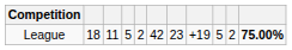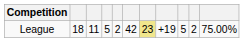 <table class="wikitable">
 <tr>
 <th>Competition</th>
 <th></th>
 <th></th>
 <th></th>
 <th></th>
 <th></th>
 <th></th>
 <th></th>
 <th></th>
 <th></th>
 <th></th>
 </tr>
 <tr align=center>
 <td>League</td>
 <td>18</td>
 <td>11</td>
 <td>5</td>
 <td>2</td>
 <td>42</td>
-<td>23</td>
+<td style="background: khaki;">23</td>
 <td>+19</td>
 <td>5</td>
 <td>2</td>
-<td><strong>75.00%</strong></td>
+<td>75.00%</td>
 </tr>
 </table>
